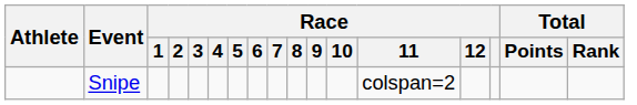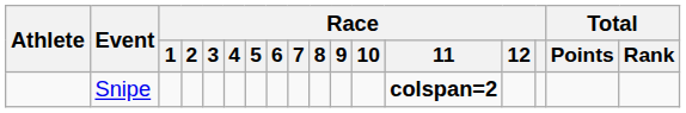 <table class=wikitable style=font-size:90%;text-align:center>
 <tr>
 <th rowspan=2>Athlete</th>
 <th rowspan=2>Event</th>
 <th colspan=13>Race</th>
 <th colspan=2>Total</th>
 </tr>
 <tr style=font-size:95%>
 <th>1</th>
 <th>2</th>
 <th>3</th>
 <th>4</th>
 <th>5</th>
 <th>6</th>
 <th>7</th>
 <th>8</th>
 <th>9</th>
 <th>10</th>
 <th>11</th>
 <th>12</th>
 <th></th>
 <th>Points</th>
 <th>Rank</th>
 </tr>
 <tr>
 <td align=left></td>
 <td align=left><a href='#'>Snipe</a></td>
 <td></td>
 <td></td>
 <td></td>
 <td></td>
 <td></td>
 <td></td>
 <td></td>
 <td></td>
 <td></td>
 <td></td>
-<td>colspan=2 </td>
+<td><strong>colspan=2 </strong></td>
 <td></td>
 <td></td>
 <td></td>
 </tr>
 </table>
